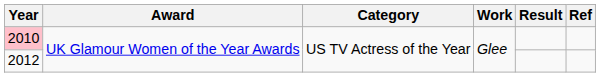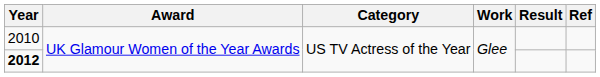 <table class="wikitable">
 <tr>
 <th>Year</th>
 <th>Award</th>
 <th>Category</th>
 <th>Work</th>
 <th>Result</th>
 <th>Ref</th>
 </tr>
 <tr>
-<td style="background: pink;">2010</td>
+<td>2010</td>
 <td rowspan="2"><a href='#'>UK Glamour Women of the Year Awards</a></td>
 <td rowspan="2">US TV Actress of the Year</td>
 <td rowspan="2"><em>Glee</em></td>
 <td></td>
 <td></td>
 </tr>
 <tr>
-<td>2012</td>
+<td><strong>2012</strong></td>
 <td></td>
 <td></td>
 </tr>
 </table>
